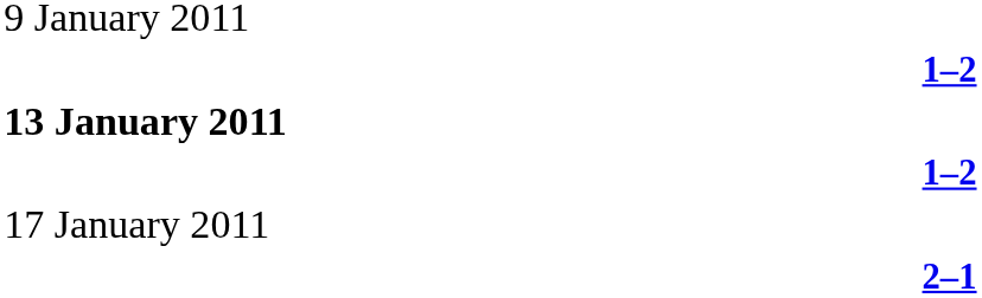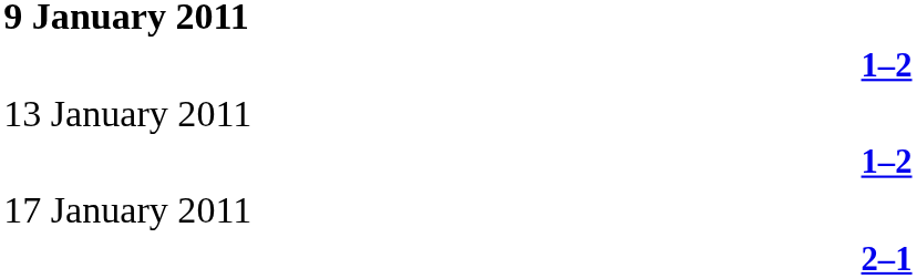 <table style="width:70%;" cellspacing="1">
 <tr>
 <th width=35%></th>
 <th width=15%></th>
 <th></th>
 </tr>
 <tr>
-<td>9 January 2011</td>
+<td><strong>9 January 2011</strong></td>
 </tr>
 <tr style=font-size:90%>
 <td align=right><strong></strong></td>
 <td align=center><strong><a href='#'>1–2</a></strong></td>
 <td><strong></strong></td>
 </tr>
 <tr>
-<td><strong>13 January 2011</strong></td>
+<td>13 January 2011</td>
 </tr>
 <tr style=font-size:90%>
 <td align=right><strong></strong></td>
 <td align=center><strong><a href='#'>1–2</a></strong></td>
 <td><strong></strong></td>
 </tr>
 <tr>
 <td>17 January 2011</td>
 </tr>
 <tr style=font-size:90%>
 <td align=right><strong></strong></td>
 <td align=center><strong><a href='#'>2–1</a></strong></td>
 <td><strong></strong></td>
 </tr>
 </table>
